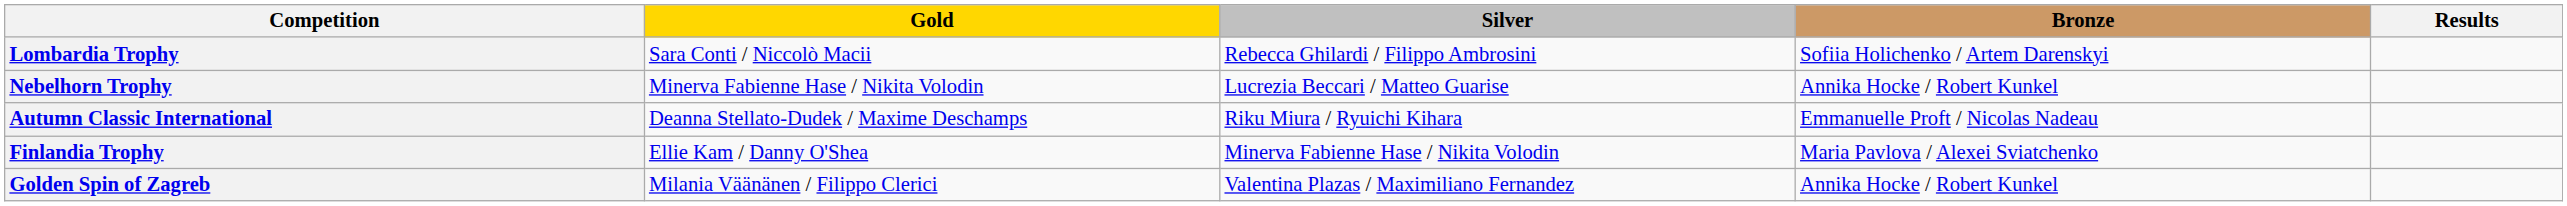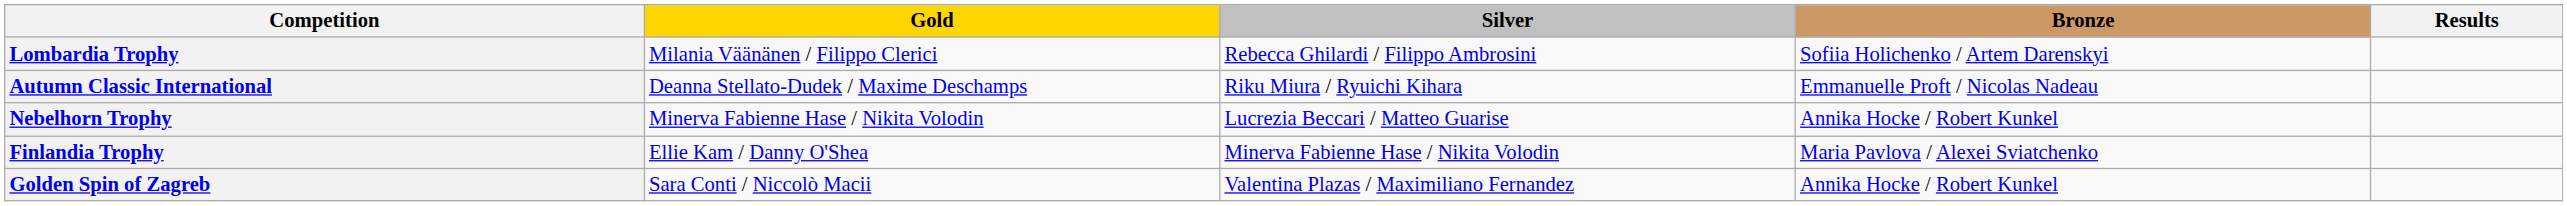 <table class="wikitable unsortable" style="text-align:left; width:100%;">
 <tr>
 <th scope="col" style="text-align:center; width:25%;">Competition</th>
 <td scope="col" style="text-align:center; width:22.5%; background:gold"><strong>Gold</strong></td>
 <td scope="col" style="text-align:center; width:22.5%; background:silver"><strong>Silver</strong></td>
 <td scope="col" style="text-align:center; width:22.5%; background:#c96"><strong>Bronze</strong></td>
 <th scope="col" style="text-align:center; width:7.5%;">Results</th>
 </tr>
 <tr>
 <th scope="row" style="text-align:left"> <a href='#'>Lombardia Trophy</a></th>
-<td> <a href='#'>Sara Conti</a> / <a href='#'>Niccolò Macii</a></td>
+<td> <a href='#'>Milania Väänänen</a> / <a href='#'>Filippo Clerici</a></td>
 <td> <a href='#'>Rebecca Ghilardi</a> / <a href='#'>Filippo Ambrosini</a></td>
 <td> <a href='#'>Sofiia Holichenko</a> / <a href='#'>Artem Darenskyi</a></td>
+<td></td>
+</tr>
+<tr>
+<th scope="row" style="text-align:left"> <a href='#'>Autumn Classic International</a></th>
+<td> <a href='#'>Deanna Stellato-Dudek</a> / <a href='#'>Maxime Deschamps</a></td>
+<td> <a href='#'>Riku Miura</a> / <a href='#'>Ryuichi Kihara</a></td>
+<td> <a href='#'>Emmanuelle Proft</a> / <a href='#'>Nicolas Nadeau</a></td>
 <td></td>
 </tr>
 <tr>
 <th scope="row" style="text-align:left"> <a href='#'>Nebelhorn Trophy</a></th>
 <td> <a href='#'>Minerva Fabienne Hase</a> / <a href='#'>Nikita Volodin</a></td>
 <td> <a href='#'>Lucrezia Beccari</a> / <a href='#'>Matteo Guarise</a></td>
 <td> <a href='#'>Annika Hocke</a> / <a href='#'>Robert Kunkel</a></td>
-<td></td>
-</tr>
-<tr>
-<th scope="row" style="text-align:left"> <a href='#'>Autumn Classic International</a></th>
-<td> <a href='#'>Deanna Stellato-Dudek</a> / <a href='#'>Maxime Deschamps</a></td>
-<td> <a href='#'>Riku Miura</a> / <a href='#'>Ryuichi Kihara</a></td>
-<td> <a href='#'>Emmanuelle Proft</a> / <a href='#'>Nicolas Nadeau</a></td>
 <td></td>
 </tr>
 <tr>
 <th scope="row" style="text-align:left"> <a href='#'>Finlandia Trophy</a></th>
 <td> <a href='#'>Ellie Kam</a> / <a href='#'>Danny O'Shea</a></td>
 <td> <a href='#'>Minerva Fabienne Hase</a> / <a href='#'>Nikita Volodin</a></td>
 <td> <a href='#'>Maria Pavlova</a> / <a href='#'>Alexei Sviatchenko</a></td>
 <td></td>
 </tr>
 <tr>
 <th scope="row" style="text-align:left"> <a href='#'>Golden Spin of Zagreb</a></th>
-<td> <a href='#'>Milania Väänänen</a> / <a href='#'>Filippo Clerici</a></td>
+<td> <a href='#'>Sara Conti</a> / <a href='#'>Niccolò Macii</a></td>
 <td> <a href='#'>Valentina Plazas</a> / <a href='#'>Maximiliano Fernandez</a></td>
 <td> <a href='#'>Annika Hocke</a> / <a href='#'>Robert Kunkel</a></td>
 <td></td>
 </tr>
 </table>
